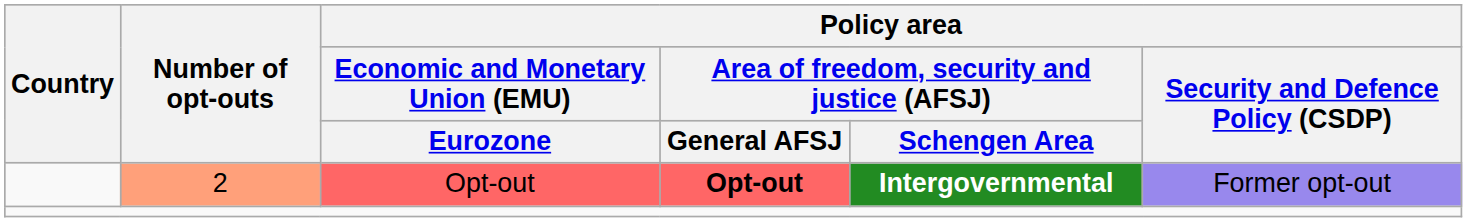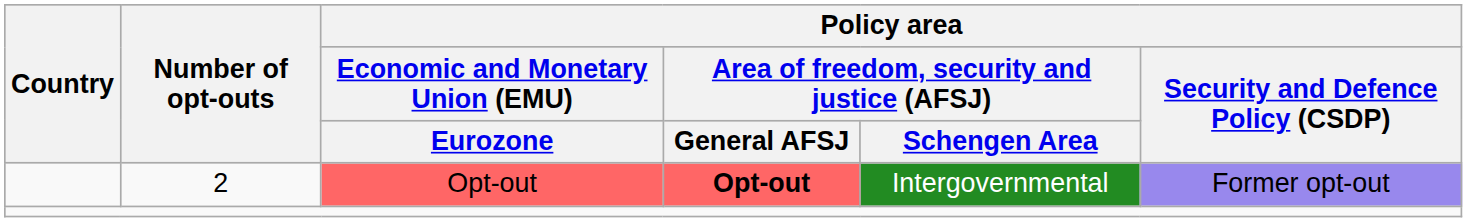 <table class="wikitable" style="text-align:center">
 <tr>
 <th rowspan=3>Country</th>
 <th rowspan=3>Number of opt‑outs</th>
 <th colspan=4>Policy area</th>
 </tr>
 <tr>
 <th><a href='#'>Economic and Monetary Union</a> (EMU)</th>
 <th colspan=2><a href='#'>Area of freedom, security and justice</a> (AFSJ)</th>
 <th rowspan=2><a href='#'>Security and Defence Policy</a> (CSDP)</th>
 </tr>
 <tr>
 <th><a href='#'>Eurozone</a></th>
 <th>General AFSJ</th>
 <th><a href='#'>Schengen Area</a></th>
 </tr>
 <tr>
 <td style="text-align:left"></td>
-<td style="background: lightsalmon;">2</td>
+<td>2</td>
 <td style="background:#FF6666">Opt-out</td>
 <td style="background:#FF6666"><strong>Opt-out</strong></td>
-<td style="background:#228B22; color:white"><strong>Intergovernmental</strong></td>
+<td style="background:#228B22; color:white">Intergovernmental</td>
 <td style="background: #9888ED">Former opt-out</td>
 </tr>
 <tr>
 <td colspan=6 style="text-align:left; font-size:90%"></td>
 </tr>
 </table>
